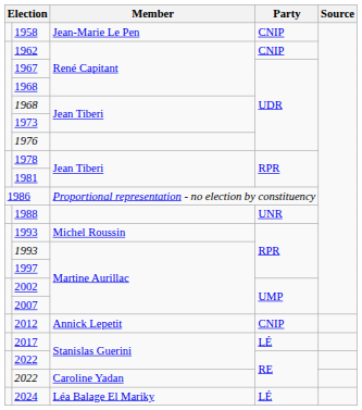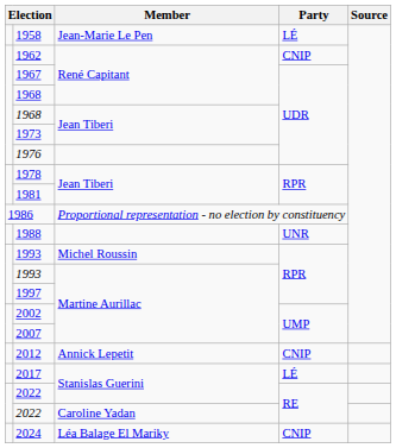 <table class="wikitable">
 <tr>
 <th colspan="2">Election</th>
 <th>Member</th>
 <th>Party</th>
 <th>Source</th>
 </tr>
 <tr>
 <td style="color:inherit;background-color: "></td>
 <td><a href='#'>1958</a></td>
 <td><a href='#'>Jean-Marie Le Pen</a></td>
-<td><a href='#'>CNIP</a></td>
+<td><a href='#'>LÉ</a></td>
 </tr>
 <tr>
 <td rowspan="6" style="color:inherit;background-color: "></td>
 <td><a href='#'>1962</a></td>
 <td rowspan="3"><a href='#'>René Capitant</a></td>
 <td><a href='#'>CNIP</a></td>
 </tr>
 <tr>
 <td><a href='#'>1967</a></td>
 <td rowspan="5"><a href='#'>UDR</a></td>
 </tr>
 <tr>
 <td><a href='#'>1968</a></td>
 </tr>
 <tr>
 <td><em>1968</em></td>
 <td rowspan="2"><a href='#'>Jean Tiberi</a></td>
 </tr>
 <tr>
 <td><a href='#'>1973</a></td>
 </tr>
 <tr>
 <td><em>1976</em></td>
 <td></td>
 </tr>
 <tr>
 <td rowspan="2" style="color:inherit;background-color: "></td>
 <td><a href='#'>1978</a></td>
 <td rowspan="2"><a href='#'>Jean Tiberi</a></td>
 <td rowspan="2"><a href='#'>RPR</a></td>
 </tr>
 <tr>
 <td><a href='#'>1981</a></td>
 </tr>
 <tr>
 <td colspan="2"><a href='#'>1986</a></td>
 <td colspan="2"><em><a href='#'>Proportional representation</a> - no election by constituency</em></td>
 </tr>
 <tr>
 <td style="color:inherit;background-color: "></td>
 <td><a href='#'>1988</a></td>
 <td></td>
 <td><a href='#'>UNR</a></td>
 </tr>
 <tr>
 <td rowspan="3" style="color:inherit;background-color: "></td>
 <td><a href='#'>1993</a></td>
 <td><a href='#'>Michel Roussin</a></td>
 <td rowspan="3"><a href='#'>RPR</a></td>
 </tr>
 <tr>
 <td><em>1993</em></td>
 <td rowspan="4"><a href='#'>Martine Aurillac</a></td>
 </tr>
 <tr>
 <td><a href='#'>1997</a></td>
 </tr>
 <tr>
 <td rowspan="2" style="color:inherit;background-color: "></td>
 <td><a href='#'>2002</a></td>
 <td rowspan="2"><a href='#'>UMP</a></td>
 </tr>
 <tr>
 <td><a href='#'>2007</a></td>
 </tr>
 <tr>
 <td style="color:inherit;background-color: "></td>
 <td><a href='#'>2012</a></td>
 <td><a href='#'>Annick Lepetit</a></td>
 <td><a href='#'>CNIP</a></td>
 <td></td>
 </tr>
 <tr>
 <td style="color:inherit;background:"></td>
 <td><a href='#'>2017</a></td>
 <td rowspan="2"><a href='#'>Stanislas Guerini</a></td>
 <td><a href='#'>LÉ</a></td>
 <td></td>
 </tr>
 <tr>
 <td rowspan="2" style="color:inherit;background:"></td>
 <td><a href='#'>2022</a></td>
 <td rowspan="2"><a href='#'>RE</a></td>
 <td></td>
 </tr>
 <tr>
 <td><em>2022</em></td>
 <td><a href='#'>Caroline Yadan</a></td>
 <td></td>
 </tr>
 <tr>
 <td style="color:inherit;background:"></td>
 <td><a href='#'>2024</a></td>
 <td><a href='#'>Léa Balage El Mariky</a></td>
-<td><a href='#'>LÉ</a></td>
+<td><a href='#'>CNIP</a></td>
 <td></td>
 </tr>
 </table>
